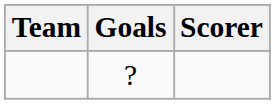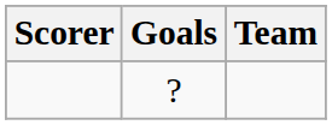 <table class=wikitable>
 <tr>
+<th>Scorer</th>
+<th>Goals</th>
 <th>Team</th>
-<th>Goals</th>
-<th>Scorer</th>
 </tr>
 <tr>
 <td></td>
 <td style="text-align:center;">?</td>
 <td></td>
 </tr>
 </table>
